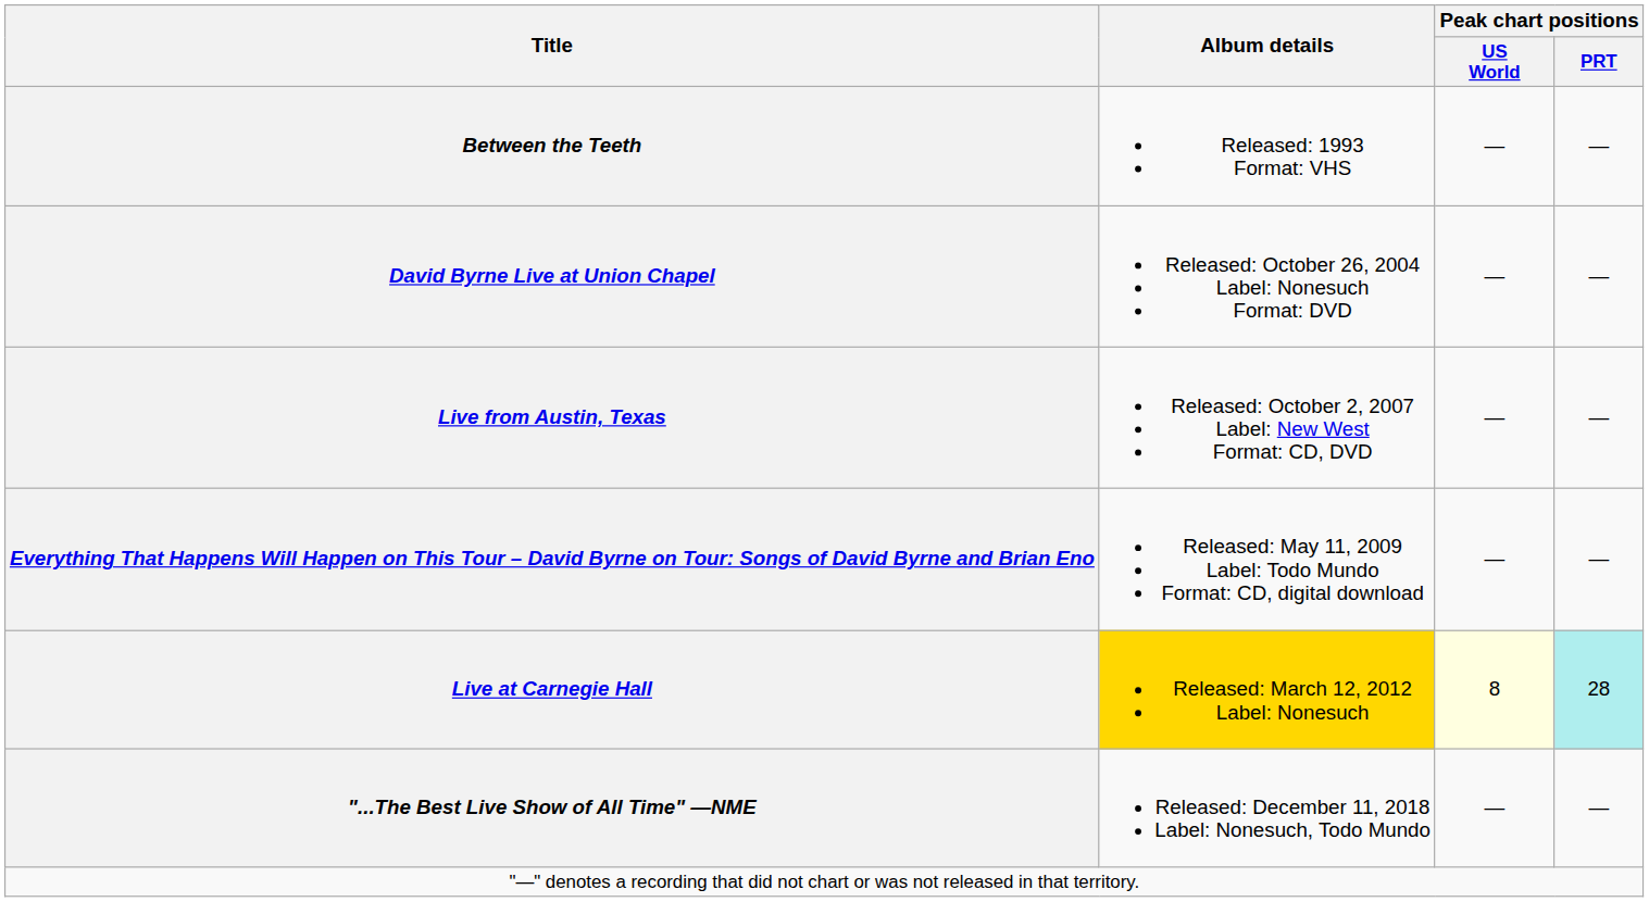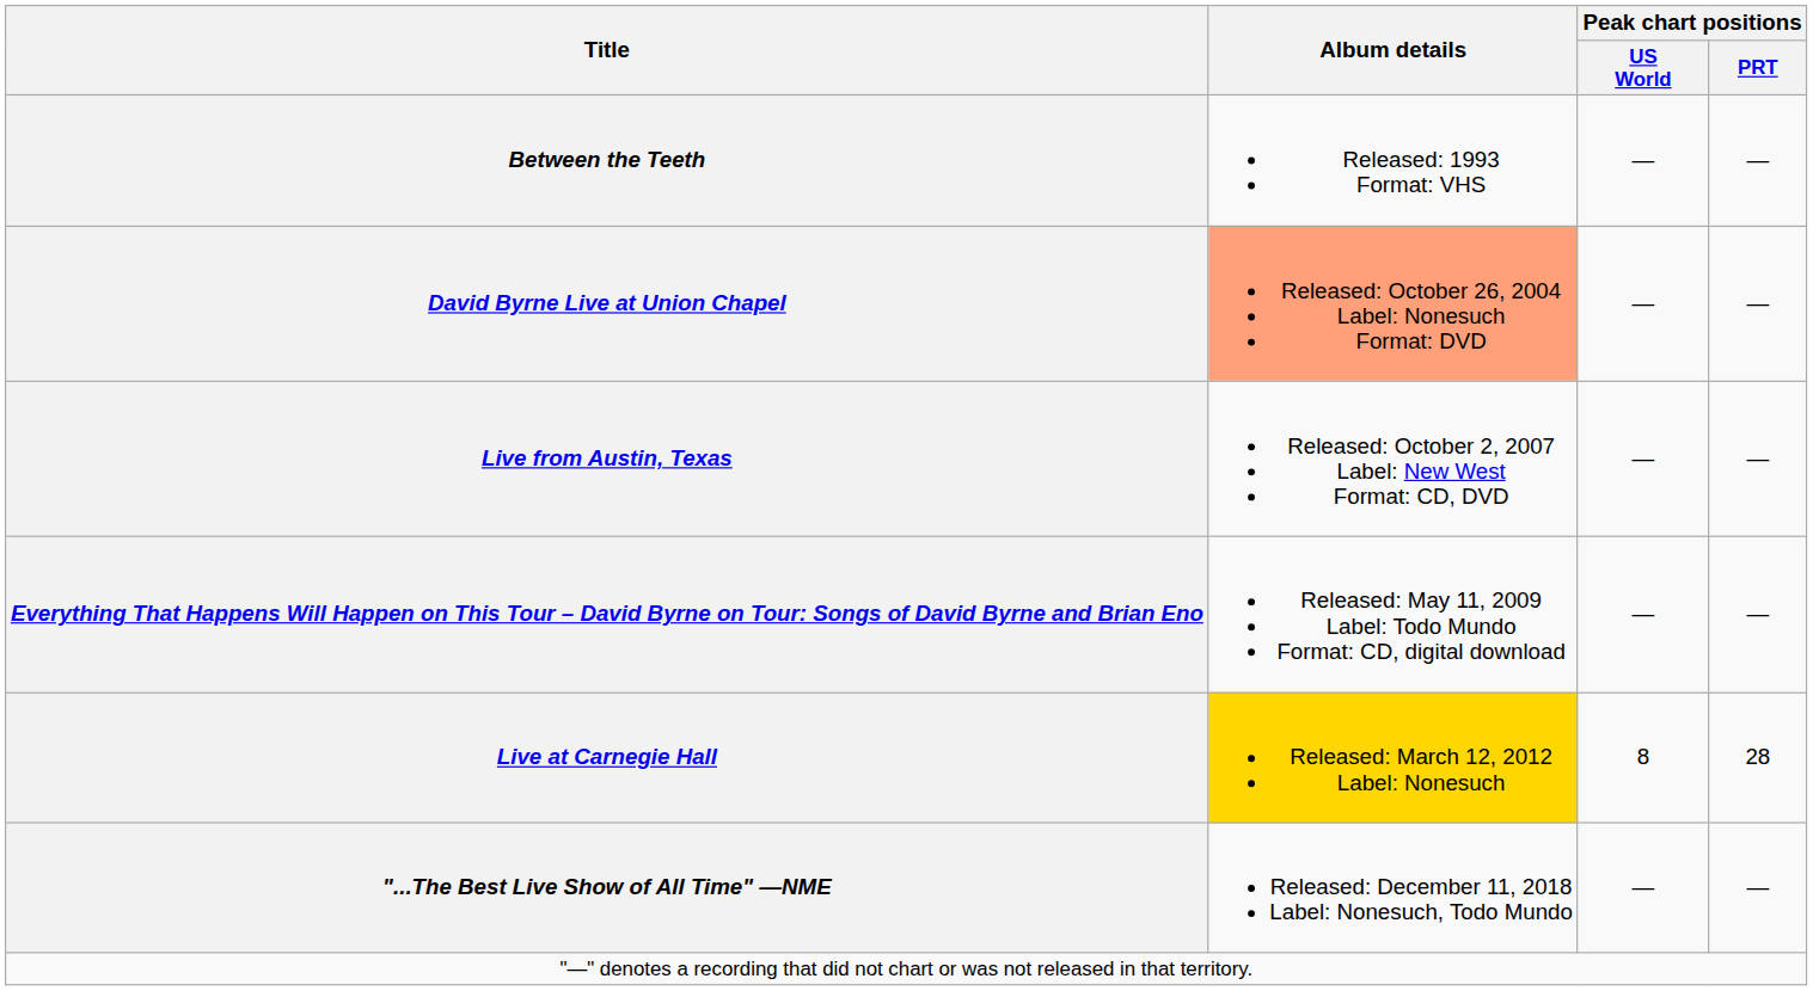 <table class="wikitable plainrowheaders" style="text-align:center;">
 <tr>
 <th scope="col" rowspan="2">Title</th>
 <th scope="col" rowspan="2">Album details</th>
 <th colspan="2" scope="col">Peak chart positions</th>
 </tr>
 <tr>
 <th scope="col" style="font-size:90%;"><a href='#'>US<br>World</a><br></th>
 <th scope="col" style="font-size:90%;"><a href='#'>PRT</a><br></th>
 </tr>
 <tr>
 <th scope="row"><em>Between the Teeth</em></th>
 <td><br><ul><li>Released: 1993</li><li>Format: VHS</li></ul></td>
 <td>—</td>
 <td>—</td>
 </tr>
 <tr>
 <th scope="row"><em><a href='#'>David Byrne Live at Union Chapel</a></em></th>
-<td><br><ul><li>Released: October 26, 2004</li><li>Label: Nonesuch</li><li>Format: DVD</li></ul></td>
+<td style="background: lightsalmon;"><br><ul><li>Released: October 26, 2004</li><li>Label: Nonesuch</li><li>Format: DVD</li></ul></td>
 <td>—</td>
 <td>—</td>
 </tr>
 <tr>
 <th scope="row"><em><a href='#'>Live from Austin, Texas</a></em></th>
 <td><br><ul><li>Released: October 2, 2007</li><li>Label: <a href='#'>New West</a></li><li>Format: CD, DVD</li></ul></td>
 <td>—</td>
 <td>—</td>
 </tr>
 <tr>
 <th scope="row"><em><a href='#'>Everything That Happens Will Happen on This Tour – David Byrne on Tour: Songs of David Byrne and Brian Eno</a></em></th>
 <td><br><ul><li>Released: May 11, 2009</li><li>Label: Todo Mundo</li><li>Format: CD, digital download</li></ul></td>
 <td>—</td>
 <td>—</td>
 </tr>
 <tr>
 <th scope="row"><em><a href='#'>Live at Carnegie Hall</a></em><br></th>
 <td style="background: gold;"><br><ul><li>Released: March 12, 2012</li><li>Label: Nonesuch</li></ul></td>
-<td style="background: lightyellow;">8</td>
-<td style="background: paleturquoise;">28</td>
+<td>8</td>
+<td>28</td>
 </tr>
 <tr>
 <th scope="row"><em>"...The Best Live Show of All Time" —NME</em></th>
 <td><br><ul><li>Released: December 11, 2018</li><li>Label: Nonesuch, Todo Mundo</li></ul></td>
 <td>—</td>
 <td>—</td>
 </tr>
 <tr>
 <td colspan="4" style="font-size:90%">"—" denotes a recording that did not chart or was not released in that territory.</td>
 </tr>
 </table>
